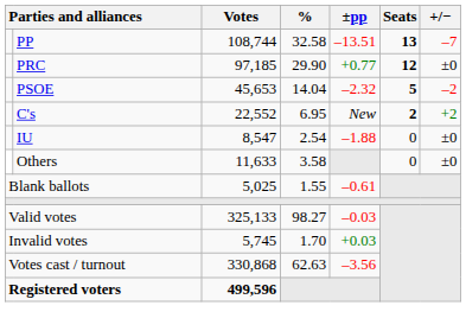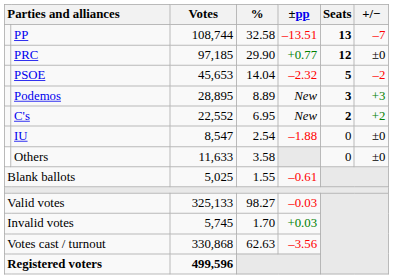 <table class="wikitable" style="text-align:right;">
 <tr>
 <th style="text-align:left;" colspan="2" width="200">Parties and alliances</th>
 <th width="75">Votes</th>
 <th width="45">%</th>
 <th width="45">±<a href='#'>pp</a></th>
 <th width="35">Seats</th>
 <th width="35">+/−</th>
 </tr>
 <tr>
 <td width="1" style="color:inherit;background:"></td>
 <td align="left"><a href='#'>PP</a></td>
 <td>108,744</td>
 <td>32.58</td>
 <td style="color:red;">–13.51</td>
 <td><strong>13</strong></td>
 <td style="color:red;">–7</td>
 </tr>
 <tr>
 <td style="color:inherit;background:"></td>
 <td align="left"><a href='#'>PRC</a></td>
 <td>97,185</td>
 <td>29.90</td>
 <td style="color:green;">+0.77</td>
 <td><strong>12</strong></td>
 <td>±0</td>
 </tr>
 <tr>
 <td style="color:inherit;background:"></td>
 <td align="left"><a href='#'>PSOE</a></td>
 <td>45,653</td>
 <td>14.04</td>
 <td style="color:red;">–2.32</td>
 <td><strong>5</strong></td>
 <td style="color:red;">–2</td>
+</tr>
+<tr>
+<td style="color:inherit;background:"></td>
+<td align="left"><a href='#'>Podemos</a></td>
+<td>28,895</td>
+<td>8.89</td>
+<td><em>New</em></td>
+<td><strong>3</strong></td>
+<td style="color:green;">+3</td>
 </tr>
 <tr>
 <td style="color:inherit;background:"></td>
 <td align="left"><a href='#'>C's</a></td>
 <td>22,552</td>
 <td>6.95</td>
 <td><em>New</em></td>
 <td><strong>2</strong></td>
 <td style="color:green;">+2</td>
 </tr>
 <tr>
 <td style="color:inherit;background:"></td>
 <td align="left"><a href='#'>IU</a></td>
 <td>8,547</td>
 <td>2.54</td>
 <td style="color:red;">–1.88</td>
 <td>0</td>
 <td>±0</td>
 </tr>
 <tr>
 <td bgcolor="white"></td>
 <td align="left">Others</td>
 <td>11,633</td>
 <td>3.58</td>
 <td bgcolor="#E9E9E9"></td>
 <td>0</td>
 <td>±0</td>
 </tr>
 <tr>
 <td align="left" colspan="2">Blank ballots</td>
 <td>5,025</td>
 <td>1.55</td>
 <td style="color:red;">–0.61</td>
 <td bgcolor="#E9E9E9" colspan="2"></td>
 </tr>
 <tr>
 <td colspan="7" bgcolor="#E9E9E9"></td>
 </tr>
 <tr>
 <td align="left" colspan="2">Valid votes</td>
 <td>325,133</td>
 <td>98.27</td>
 <td style="color:red;">–0.03</td>
 <td bgcolor="#E9E9E9" colspan="2" rowspan="4"></td>
 </tr>
 <tr>
 <td align="left" colspan="2">Invalid votes</td>
 <td>5,745</td>
 <td>1.70</td>
 <td style="color:green;">+0.03</td>
 </tr>
 <tr>
 <td align="left" colspan="2">Votes cast / turnout</td>
 <td>330,868</td>
 <td>62.63</td>
 <td style="color:red;">–3.56</td>
 </tr>
 <tr style="font-weight:bold;">
 <td align="left" colspan="2">Registered voters</td>
 <td>499,596</td>
 <td bgcolor="#E9E9E9" colspan="2"></td>
 </tr>
 </table>
